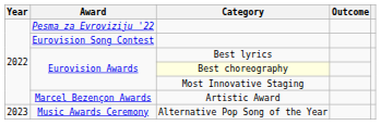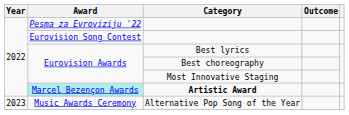 <table class="wikitable plainrowheaders" style="text-align:center">
 <tr>
 <th>Year</th>
 <th>Award</th>
 <th>Category</th>
 <th>Outcome</th>
 <th></th>
 </tr>
 <tr>
 <td rowspan="6">2022</td>
 <td><em><a href='#'>Pesma za Evroviziju '22</a></em></td>
 <td></td>
 <td></td>
 <td></td>
 </tr>
 <tr>
 <td style="border-style: none none none none;"><a href='#'>Eurovision Song Contest</a></td>
 <td></td>
 <td></td>
 <td></td>
 </tr>
 <tr>
 <td rowspan="3"><a href='#'>Eurovision Awards</a></td>
 <td>Best lyrics</td>
 <td></td>
 <td rowspan="3"></td>
 </tr>
 <tr>
-<td style="background: lightyellow;">Best choreography</td>
+<td>Best choreography</td>
 <td></td>
 </tr>
 <tr>
 <td>Most Innovative Staging</td>
 <td></td>
 </tr>
 <tr>
-<td><a href='#'>Marcel Bezençon Awards</a></td>
-<td>Artistic Award</td>
+<td style="background: paleturquoise;"><a href='#'>Marcel Bezençon Awards</a></td>
+<td><strong>Artistic Award</strong></td>
 <td></td>
 <td></td>
 </tr>
 <tr>
 <td rowspan="6">2023</td>
 <td rowspan="3"><a href='#'>Music Awards Ceremony</a></td>
 <td>Alternative Pop Song of the Year</td>
 <td></td>
 <td></td>
 </tr>
 </table>
